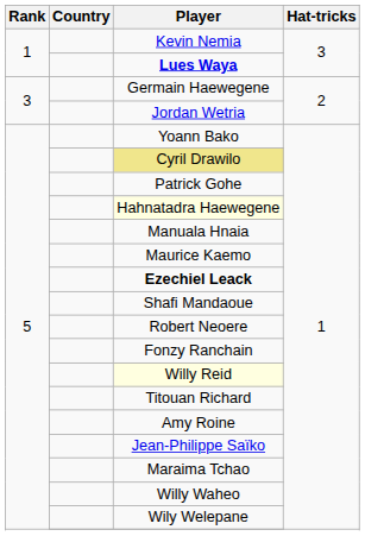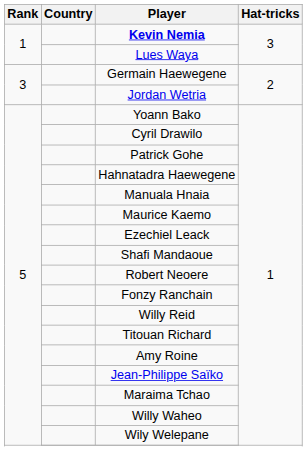 <table class="wikitable" style="text-align:center;">
 <tr>
 <th>Rank</th>
 <th>Country</th>
 <th>Player</th>
 <th>Hat-tricks</th>
 </tr>
 <tr>
 <td rowspan=2>1</td>
 <td></td>
-<td><a href='#'>Kevin Nemia</a></td>
+<td><strong><a href='#'>Kevin Nemia</a></strong></td>
 <td rowspan=2>3</td>
 </tr>
 <tr>
 <td></td>
-<td><strong><a href='#'>Lues Waya</a></strong></td>
+<td><a href='#'>Lues Waya</a></td>
 </tr>
 <tr>
 <td rowspan=2>3</td>
 <td></td>
 <td>Germain Haewegene</td>
 <td rowspan=2>2</td>
 </tr>
 <tr>
 <td></td>
 <td><a href='#'>Jordan Wetria</a></td>
 </tr>
 <tr>
 <td rowspan=20>5</td>
 <td></td>
 <td>Yoann Bako</td>
 <td rowspan=20>1</td>
 </tr>
 <tr>
 <td></td>
-<td style="background: khaki;">Cyril Drawilo</td>
+<td>Cyril Drawilo</td>
 </tr>
 <tr>
 <td></td>
 <td>Patrick Gohe</td>
 </tr>
 <tr>
 <td></td>
-<td style="background: lightyellow;">Hahnatadra Haewegene</td>
+<td>Hahnatadra Haewegene</td>
 </tr>
 <tr>
 <td></td>
 <td>Manuala Hnaia</td>
 </tr>
 <tr>
 <td></td>
 <td>Maurice Kaemo</td>
 </tr>
 <tr>
 <td></td>
-<td><strong>Ezechiel Leack</strong></td>
+<td>Ezechiel Leack</td>
 </tr>
 <tr>
 <td></td>
 <td>Shafi Mandaoue</td>
 </tr>
 <tr>
 <td></td>
 <td>Robert Neoere</td>
 </tr>
 <tr>
 <td></td>
 <td>Fonzy Ranchain</td>
 </tr>
 <tr>
 <td></td>
-<td style="background: lightyellow;">Willy Reid</td>
+<td>Willy Reid</td>
 </tr>
 <tr>
 <td></td>
 <td>Titouan Richard</td>
 </tr>
 <tr>
 <td></td>
 <td>Amy Roine</td>
 </tr>
 <tr>
 <td></td>
 <td><a href='#'>Jean-Philippe Saïko</a></td>
 </tr>
 <tr>
 <td></td>
 <td>Maraima Tchao</td>
 </tr>
 <tr>
 <td></td>
 <td>Willy Waheo</td>
 </tr>
 <tr>
 <td></td>
 <td>Wily Welepane</td>
 </tr>
 <tr>
 </tr>
 </table>
